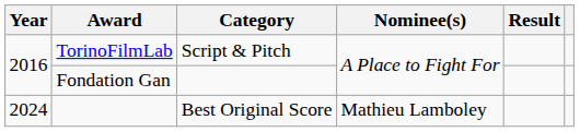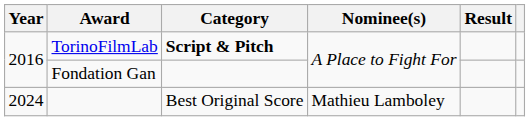 <table class="wikitable sortable plainrowheaders">
 <tr>
 <th>Year</th>
 <th>Award</th>
 <th>Category</th>
 <th>Nominee(s)</th>
 <th>Result</th>
 <th scope="col" class="unsortable"></th>
 </tr>
 <tr>
 <td align="center" rowspan="2">2016</td>
 <td><a href='#'>TorinoFilmLab</a></td>
-<td>Script & Pitch</td>
+<td><strong>Script & Pitch</strong></td>
 <td rowspan=2><em>A Place to Fight For</em></td>
 <td></td>
 <td></td>
 </tr>
 <tr>
 <td>Fondation Gan</td>
 <td></td>
 <td></td>
 <td></td>
 </tr>
 <tr>
 <td align="center">2024</td>
 <td></td>
 <td>Best Original Score</td>
 <td>Mathieu Lamboley</td>
 <td></td>
 <td></td>
 </tr>
 </table>
